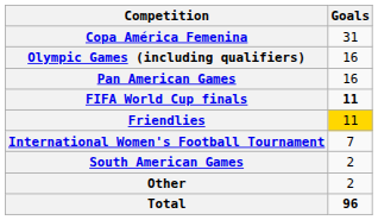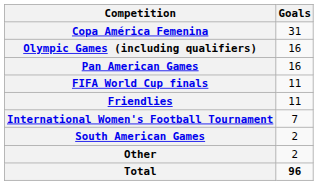 <table class="wikitable sortable plainrowheaders" style="text-align:center">
 <tr>
 <th scope=col>Competition</th>
 <th scope=col>Goals</th>
 </tr>
 <tr>
 <th scope=row><a href='#'>Copa América Femenina</a></th>
 <td>31</td>
 </tr>
 <tr>
 <th scope=row><a href='#'>Olympic Games</a> (including qualifiers)</th>
 <td>16</td>
 </tr>
 <tr>
 <th scope=row><a href='#'>Pan American Games</a></th>
 <td>16</td>
 </tr>
 <tr>
 <th scope=row><a href='#'>FIFA World Cup finals</a></th>
-<td><strong>11</strong></td>
+<td>11</td>
 </tr>
 <tr>
 <th scope=row><a href='#'>Friendlies</a></th>
-<td style="background: gold;">11</td>
+<td>11</td>
 </tr>
 <tr>
 <th scope=row><a href='#'>International Women's Football Tournament</a></th>
 <td>7</td>
 </tr>
 <tr>
 <th scope=row><a href='#'>South American Games</a></th>
 <td>2</td>
 </tr>
 <tr>
 <th scope=row>Other</th>
 <td>2</td>
 </tr>
 <tr class=sortbottom>
 <th scope=row><strong>Total</strong></th>
 <td><strong>96</strong></td>
 </tr>
 </table>
